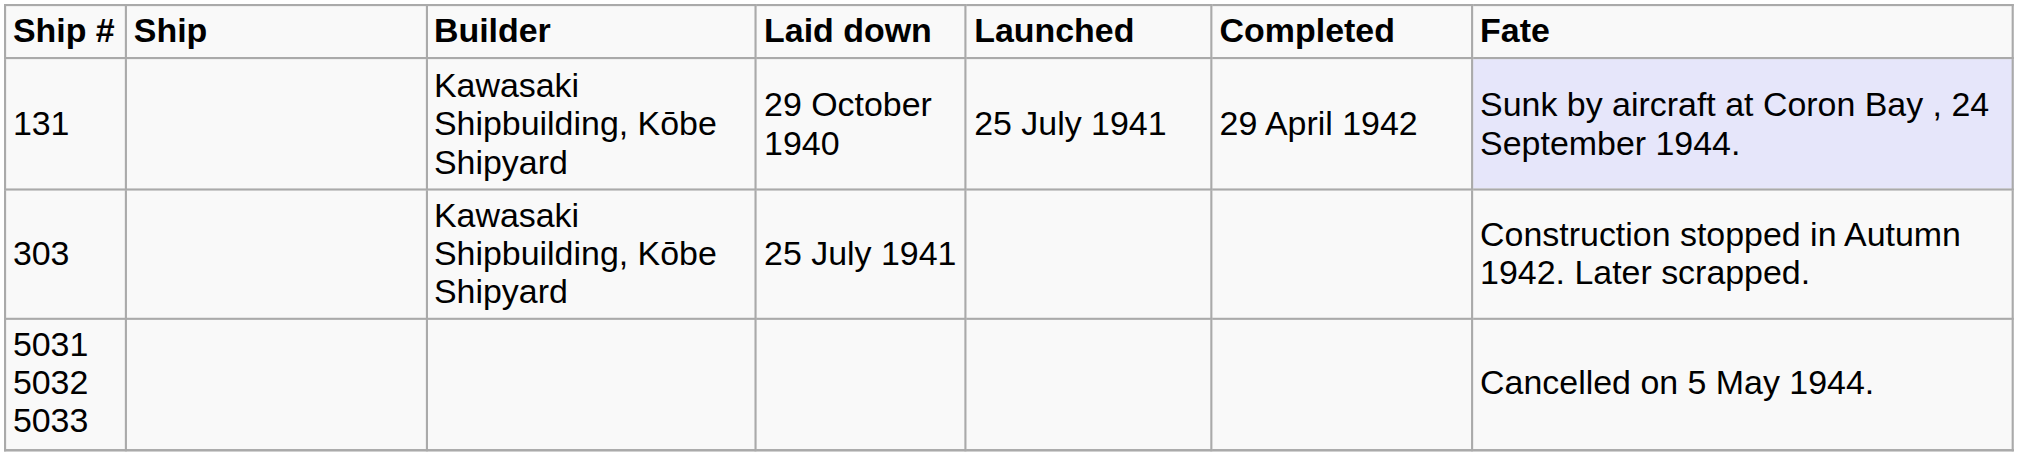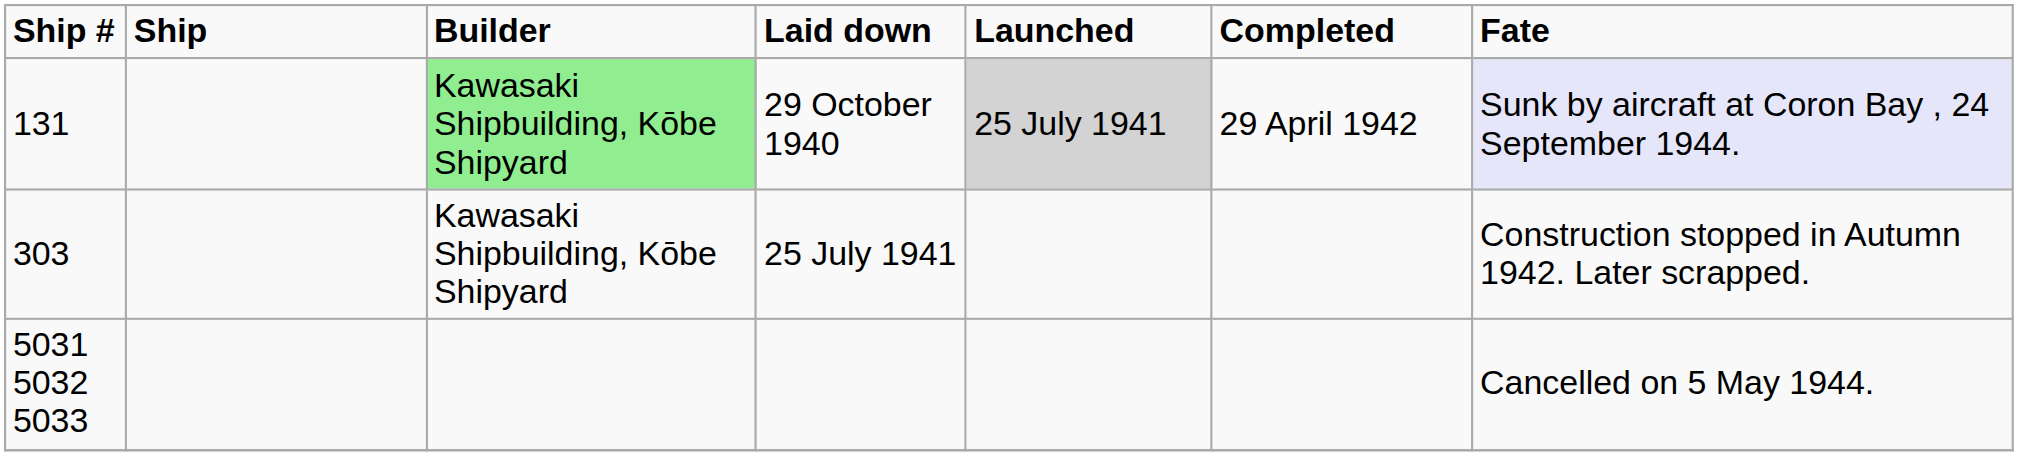 <table class="wikitable" width="75%">
 <tr>
 <td width="3%"><strong>Ship #</strong></td>
 <td width="10%"><strong>Ship</strong></td>
 <td width="11%"><strong>Builder</strong></td>
 <td width="7%"><strong>Laid down</strong></td>
 <td width="7%"><strong>Launched</strong></td>
 <td width="7%"><strong>Completed</strong></td>
 <td width="18%"><strong>Fate</strong></td>
 </tr>
 <tr>
 <td>131</td>
 <td></td>
-<td>Kawasaki Shipbuilding, Kōbe Shipyard</td>
+<td style="background: lightgreen;">Kawasaki Shipbuilding, Kōbe Shipyard</td>
 <td>29 October 1940</td>
-<td>25 July 1941</td>
+<td style="background: lightgrey;">25 July 1941</td>
 <td>29 April 1942</td>
 <td style="background: lavender;">Sunk by aircraft at Coron Bay , 24 September 1944.</td>
 </tr>
 <tr>
 <td>303</td>
 <td></td>
 <td>Kawasaki Shipbuilding, Kōbe Shipyard</td>
 <td>25 July 1941</td>
 <td></td>
 <td></td>
 <td>Construction stopped in Autumn 1942. Later scrapped.</td>
 </tr>
 <tr>
 <td>5031<br>5032<br>5033</td>
 <td></td>
 <td></td>
 <td></td>
 <td></td>
 <td></td>
 <td>Cancelled on 5 May 1944.</td>
 </tr>
 <tr>
 </tr>
 </table>
